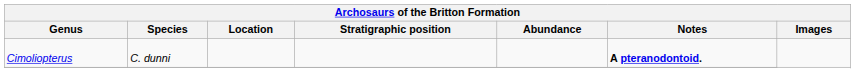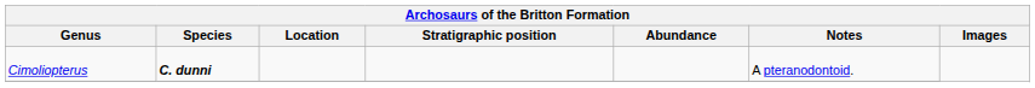 <table class="wikitable" align="center" width="100%">
 <tr>
 <th colspan="7" align="center"><strong><a href='#'>Archosaurs</a> of the Britton Formation</strong></th>
 </tr>
 <tr>
 <th>Genus</th>
 <th>Species</th>
 <th>Location</th>
 <th>Stratigraphic position</th>
 <th>Abundance</th>
 <th>Notes</th>
 <th>Images</th>
 </tr>
 <tr>
 <td><br><em><a href='#'>Cimoliopterus</a></em></td>
-<td><br><em>C. dunni</em></td>
+<td><strong><br><em>C. dunni</em></strong></td>
 <td></td>
 <td></td>
 <td></td>
-<td><strong><br>A <a href='#'>pteranodontoid</a>.</strong></td>
+<td><br>A <a href='#'>pteranodontoid</a>.</td>
 <td rowspan="99"><br></td>
 </tr>
 <tr>
 </tr>
 </table>
